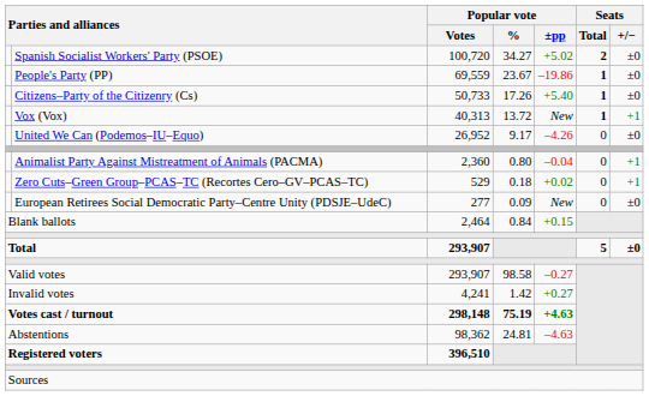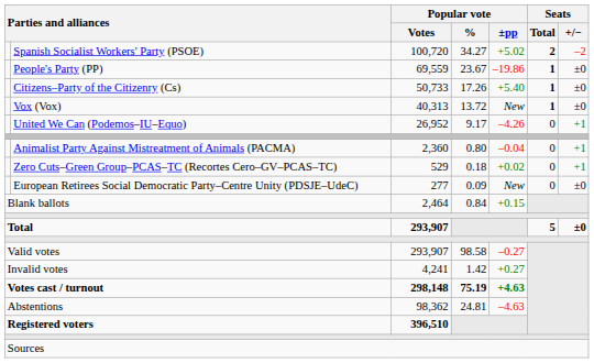 <table class="wikitable" style="text-align:right;">
 <tr>
 <th style="text-align:left;" rowspan="2" colspan="2" width="525">Parties and alliances</th>
 <th colspan="3">Popular vote</th>
 <th colspan="2">Seats</th>
 </tr>
 <tr>
 <th width="75">Votes</th>
 <th width="45">%</th>
 <th width="45">±<a href='#'>pp</a></th>
 <th width="35">Total</th>
 <th width="35">+/−</th>
 </tr>
 <tr>
 <td width="1" style="color:inherit;background:"></td>
 <td align="left"><a href='#'>Spanish Socialist Workers' Party</a> (PSOE)</td>
 <td>100,720</td>
 <td>34.27</td>
 <td style="color:green;">+5.02</td>
 <td><strong>2</strong></td>
-<td>±0</td>
+<td style="color:red;">–2</td>
 </tr>
 <tr>
 <td style="color:inherit;background:"></td>
 <td align="left"><a href='#'>People's Party</a> (PP)</td>
 <td>69,559</td>
 <td>23.67</td>
 <td style="color:red;">–19.86</td>
 <td><strong>1</strong></td>
 <td>±0</td>
 </tr>
 <tr>
 <td style="color:inherit;background:"></td>
 <td align="left"><a href='#'>Citizens–Party of the Citizenry</a> (Cs)</td>
 <td>50,733</td>
 <td>17.26</td>
 <td style="color:green;">+5.40</td>
 <td><strong>1</strong></td>
 <td>±0</td>
 </tr>
 <tr>
 <td style="color:inherit;background:"></td>
 <td align="left"><a href='#'>Vox</a> (Vox)</td>
 <td>40,313</td>
 <td>13.72</td>
 <td><em>New</em></td>
 <td><strong>1</strong></td>
-<td style="color:green;">+1</td>
+<td>±0</td>
 </tr>
 <tr>
 <td style="color:inherit;background:"></td>
 <td align="left"><a href='#'>United We Can</a> (<a href='#'>Podemos</a>–<a href='#'>IU</a>–<a href='#'>Equo</a>)</td>
 <td>26,952</td>
 <td>9.17</td>
 <td style="color:red;">–4.26</td>
 <td>0</td>
-<td>±0</td>
+<td style="color:green;">+1</td>
 </tr>
 <tr>
 <td colspan="7" bgcolor="#C0C0C0"></td>
 </tr>
 <tr>
 <td style="color:inherit;background:"></td>
 <td align="left"><a href='#'>Animalist Party Against Mistreatment of Animals</a> (PACMA)</td>
 <td>2,360</td>
 <td>0.80</td>
 <td style="color:red;">–0.04</td>
 <td>0</td>
 <td style="color:green;">+1</td>
 </tr>
 <tr>
 <td style="color:inherit;background:"></td>
 <td align="left"><a href='#'>Zero Cuts</a>–<a href='#'>Green Group</a>–<a href='#'>PCAS</a>–<a href='#'>TC</a> (Recortes Cero–GV–PCAS–TC)</td>
 <td>529</td>
 <td>0.18</td>
 <td style="color:green;">+0.02</td>
 <td>0</td>
 <td style="color:green;">+1</td>
 </tr>
 <tr>
 <td style="color:inherit;background:"></td>
 <td align="left">European Retirees Social Democratic Party–Centre Unity (PDSJE–UdeC)</td>
 <td>277</td>
 <td>0.09</td>
 <td><em>New</em></td>
 <td>0</td>
 <td>±0</td>
 </tr>
 <tr>
 <td align="left" colspan="2">Blank ballots</td>
 <td>2,464</td>
 <td>0.84</td>
 <td style="color:green;">+0.15</td>
 <td bgcolor="#E9E9E9" colspan="2"></td>
 </tr>
 <tr>
 <td colspan="7" bgcolor="#E9E9E9"></td>
 </tr>
 <tr style="font-weight:bold;">
 <td align="left" colspan="2">Total</td>
 <td>293,907</td>
 <td bgcolor="#E9E9E9" colspan="2"></td>
 <td>5</td>
 <td>±0</td>
 </tr>
 <tr>
 <td colspan="7" bgcolor="#E9E9E9"></td>
 </tr>
 <tr>
 <td align="left" colspan="2">Valid votes</td>
 <td>293,907</td>
 <td>98.58</td>
 <td style="color:red;">–0.27</td>
 <td bgcolor="#E9E9E9" colspan="2" rowspan="5"></td>
 </tr>
 <tr>
 <td align="left" colspan="2">Invalid votes</td>
 <td>4,241</td>
 <td>1.42</td>
 <td style="color:green;">+0.27</td>
 </tr>
 <tr style="font-weight:bold;">
 <td align="left" colspan="2">Votes cast / turnout</td>
 <td>298,148</td>
 <td>75.19</td>
 <td style="color:green;">+4.63</td>
 </tr>
 <tr>
 <td align="left" colspan="2">Abstentions</td>
 <td>98,362</td>
 <td>24.81</td>
 <td style="color:red;">–4.63</td>
 </tr>
 <tr style="font-weight:bold;">
 <td align="left" colspan="2">Registered voters</td>
 <td>396,510</td>
 <td bgcolor="#E9E9E9" colspan="2"></td>
 </tr>
 <tr>
 <td colspan="7" bgcolor="#E9E9E9"></td>
 </tr>
 <tr>
 <td align="left" colspan="7">Sources</td>
 </tr>
 </table>
